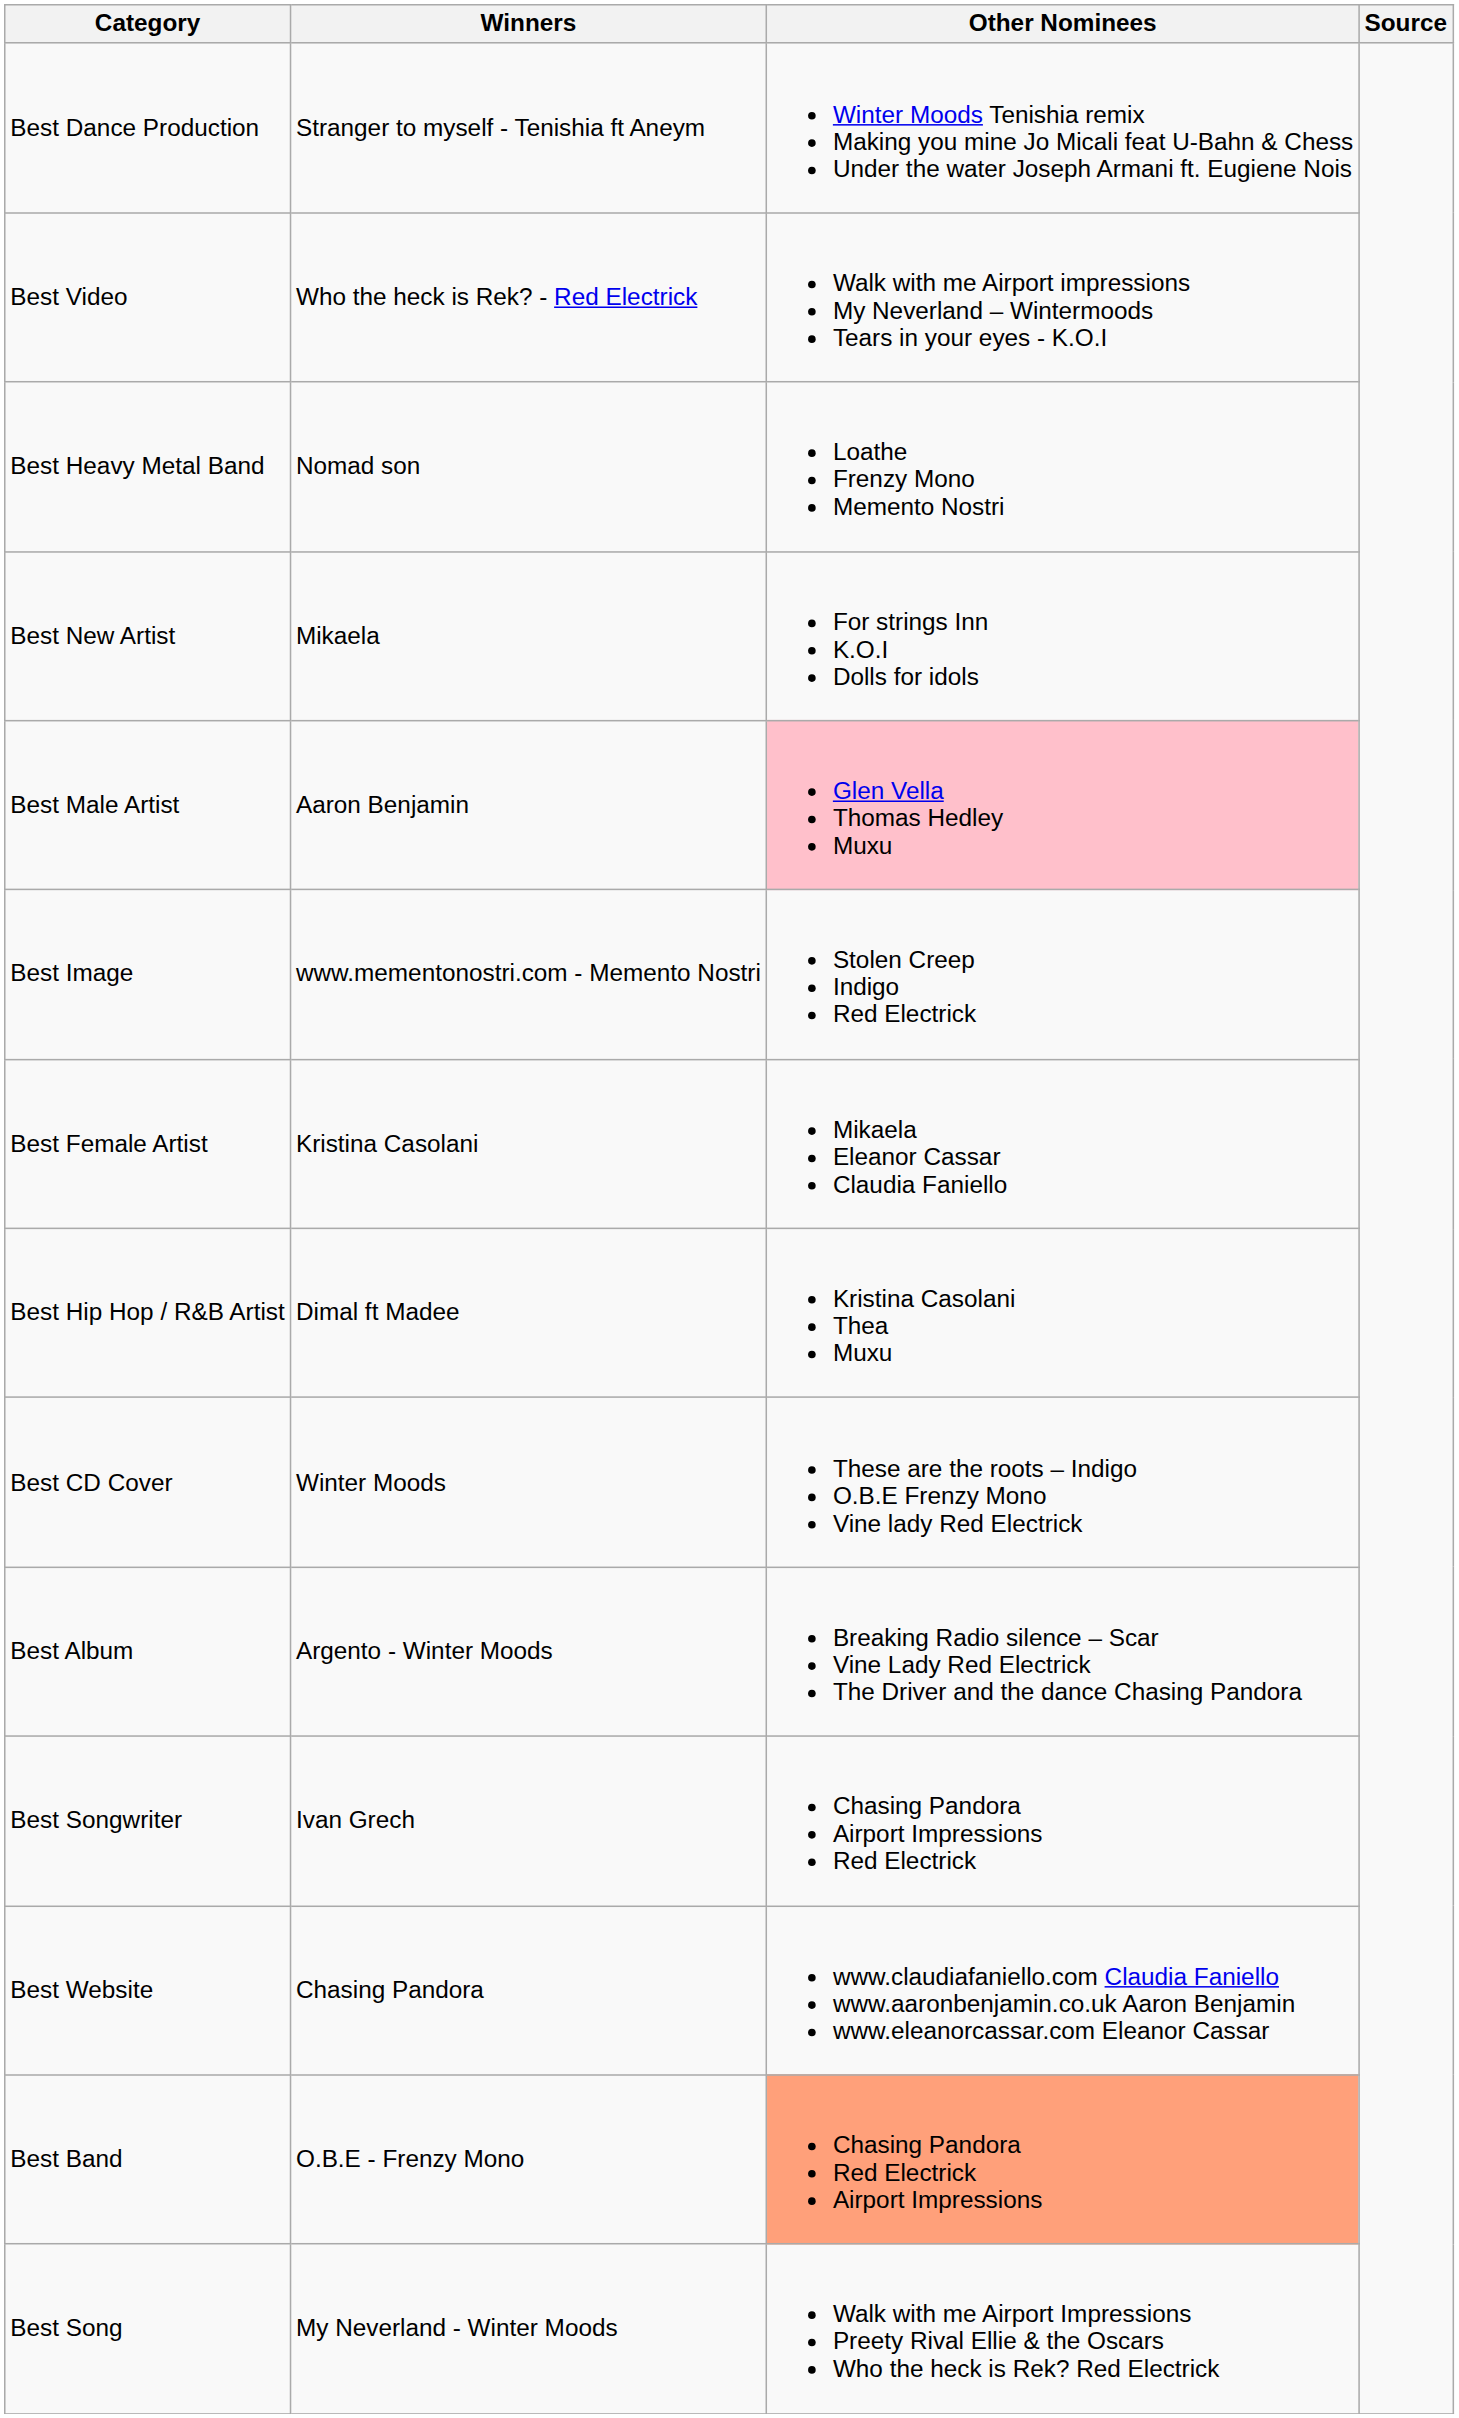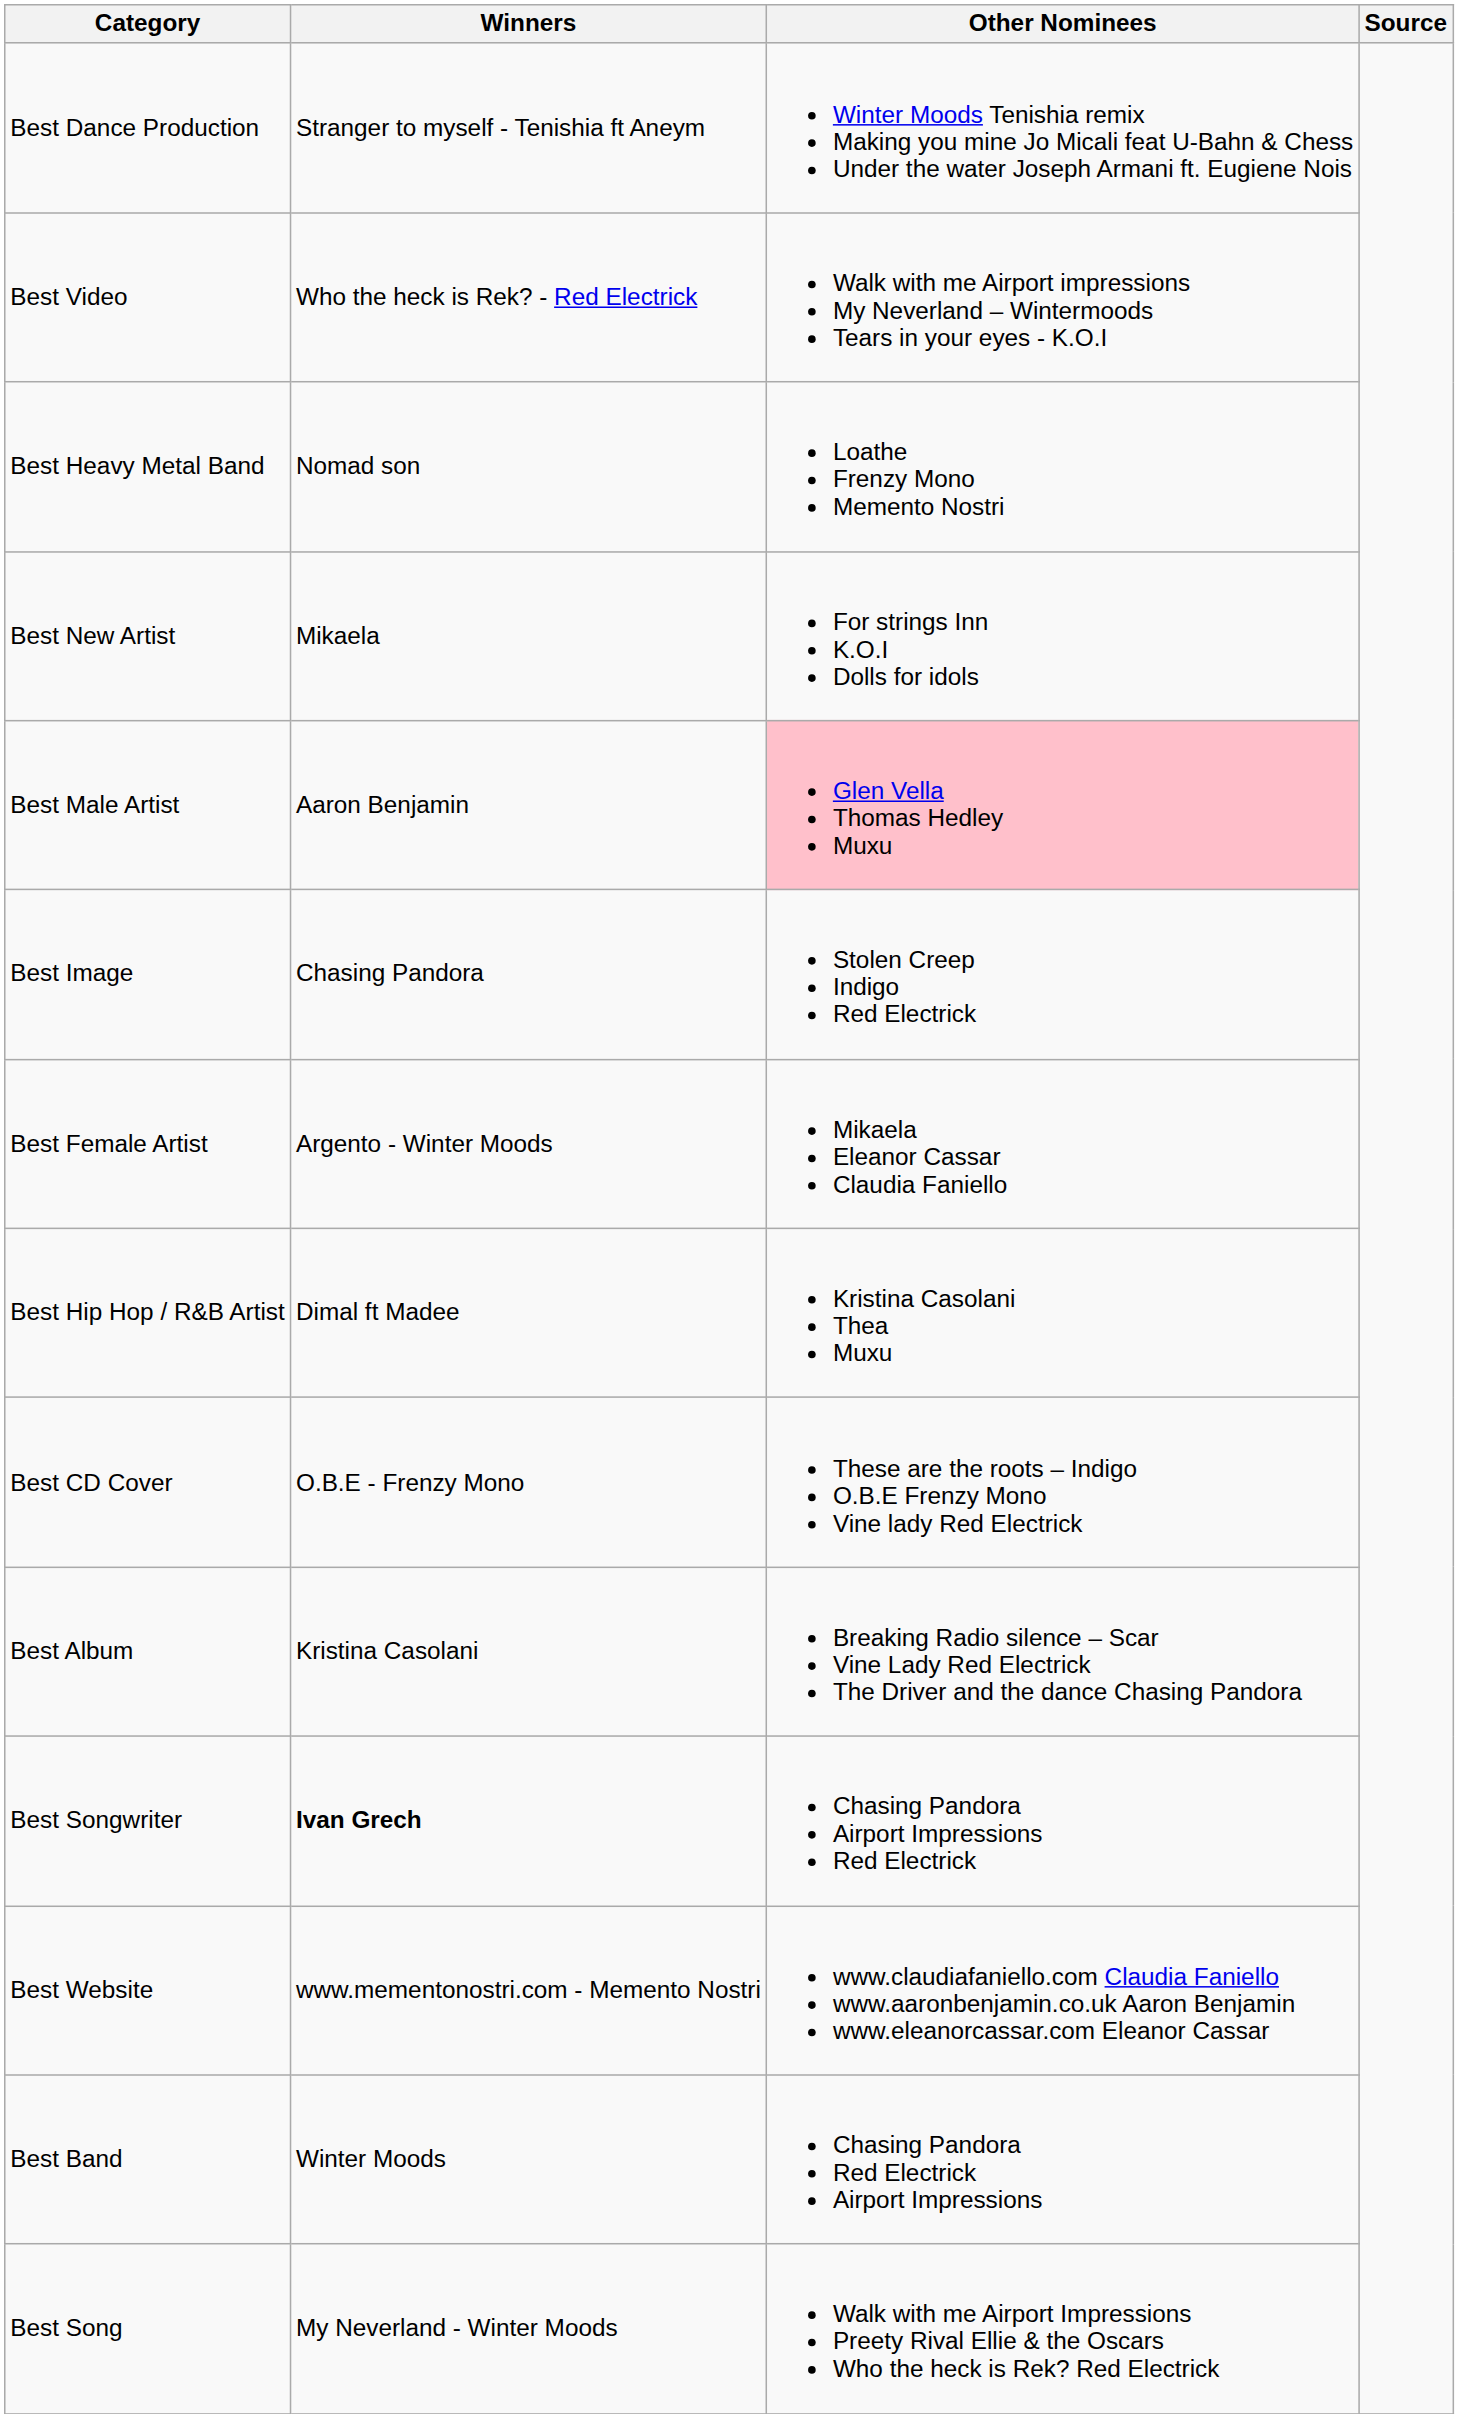 <table class="wikitable">
 <tr>
 <th>Category</th>
 <th>Winners</th>
 <th>Other Nominees</th>
 <th>Source</th>
 </tr>
 <tr>
 <td>Best Dance Production</td>
 <td>Stranger to myself - Tenishia ft Aneym</td>
 <td><br><ul><li><a href='#'>Winter Moods</a>  Tenishia remix</li><li>Making you mine  Jo Micali feat U-Bahn & Chess</li><li>Under the water  Joseph Armani ft. Eugiene Nois</li></ul></td>
 <td rowspan="14"></td>
 </tr>
 <tr>
 <td>Best Video</td>
 <td>Who the heck is Rek? - <a href='#'>Red Electrick</a></td>
 <td><br><ul><li>Walk with me  Airport impressions</li><li>My Neverland – Wintermoods</li><li>Tears in your eyes - K.O.I</li></ul></td>
 </tr>
 <tr>
 <td>Best Heavy Metal Band</td>
 <td>Nomad son</td>
 <td><br><ul><li>Loathe</li><li>Frenzy Mono</li><li>Memento Nostri</li></ul></td>
 </tr>
 <tr>
 <td>Best New Artist</td>
 <td>Mikaela</td>
 <td><br><ul><li>For strings Inn</li><li>K.O.I</li><li>Dolls for idols</li></ul></td>
 </tr>
 <tr>
 <td>Best Male Artist</td>
 <td>Aaron Benjamin</td>
 <td style="background: pink;"><br><ul><li><a href='#'>Glen Vella</a></li><li>Thomas Hedley</li><li>Muxu</li></ul></td>
 </tr>
 <tr>
 <td>Best Image</td>
-<td>www.mementonostri.com - Memento Nostri</td>
+<td>Chasing Pandora</td>
 <td><br><ul><li>Stolen Creep</li><li>Indigo</li><li>Red Electrick</li></ul></td>
 </tr>
 <tr>
 <td>Best Female Artist</td>
-<td>Kristina Casolani</td>
+<td>Argento - Winter Moods</td>
 <td><br><ul><li>Mikaela</li><li>Eleanor Cassar</li><li>Claudia Faniello</li></ul></td>
 </tr>
 <tr>
 <td>Best Hip Hop / R&B Artist</td>
 <td>Dimal ft Madee</td>
 <td><br><ul><li>Kristina Casolani</li><li>Thea</li><li>Muxu</li></ul></td>
 </tr>
 <tr>
 <td>Best CD Cover</td>
-<td>Winter Moods</td>
+<td>O.B.E - Frenzy Mono</td>
 <td><br><ul><li>These are the roots – Indigo</li><li>O.B.E  Frenzy Mono</li><li>Vine lady  Red Electrick</li></ul></td>
 </tr>
 <tr>
 <td>Best Album</td>
-<td>Argento - Winter Moods</td>
+<td>Kristina Casolani</td>
 <td><br><ul><li>Breaking Radio silence – Scar</li><li>Vine Lady  Red Electrick</li><li>The Driver and the dance  Chasing Pandora</li></ul></td>
 </tr>
 <tr>
 <td>Best Songwriter</td>
-<td>Ivan Grech</td>
+<td><strong>Ivan Grech</strong></td>
 <td><br><ul><li>Chasing Pandora</li><li>Airport Impressions</li><li>Red Electrick</li></ul></td>
 </tr>
 <tr>
 <td>Best Website</td>
-<td>Chasing Pandora</td>
+<td>www.mementonostri.com - Memento Nostri</td>
 <td><br><ul><li>www.claudiafaniello.com  <a href='#'>Claudia Faniello</a></li><li>www.aaronbenjamin.co.uk  Aaron Benjamin</li><li>www.eleanorcassar.com  Eleanor Cassar</li></ul></td>
 </tr>
 <tr>
 <td>Best Band</td>
-<td>O.B.E - Frenzy Mono</td>
-<td style="background: lightsalmon;"><br><ul><li>Chasing Pandora</li><li>Red Electrick</li><li>Airport Impressions</li></ul></td>
+<td>Winter Moods</td>
+<td><br><ul><li>Chasing Pandora</li><li>Red Electrick</li><li>Airport Impressions</li></ul></td>
 </tr>
 <tr>
 <td>Best Song</td>
 <td>My Neverland - Winter Moods</td>
 <td><br><ul><li>Walk with me  Airport Impressions</li><li>Preety Rival  Ellie & the Oscars</li><li>Who the heck is Rek?  Red Electrick</li></ul></td>
 </tr>
 </table>
